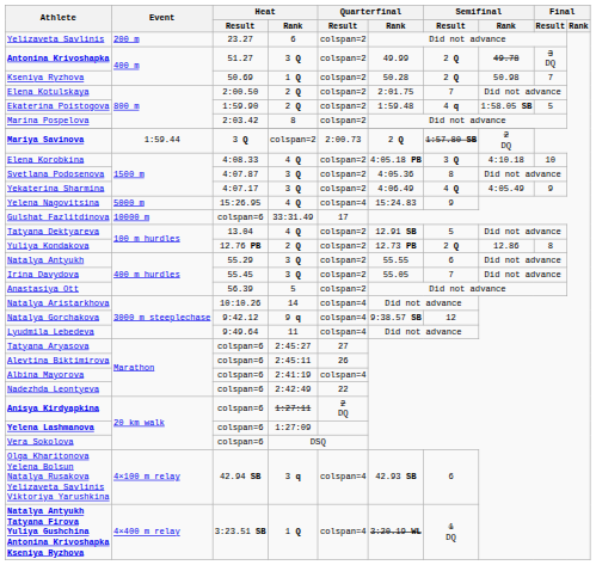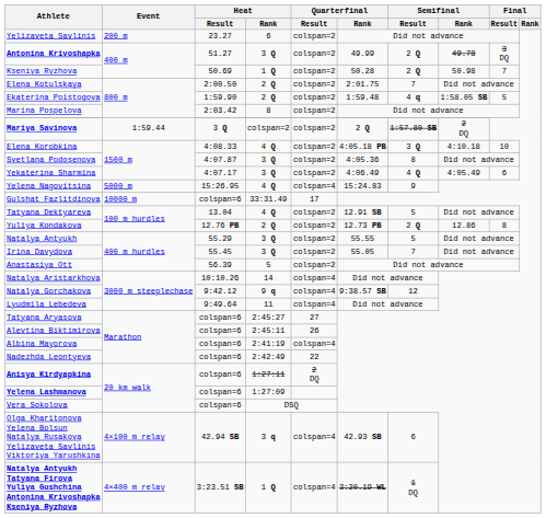 <table class="wikitable" style="font-size:90%">
 <tr>
 <th rowspan="2">Athlete</th>
 <th rowspan="2">Event</th>
 <th colspan="2">Heat</th>
 <th colspan="2">Quarterfinal</th>
 <th colspan="2">Semifinal</th>
 <th colspan="2">Final</th>
 </tr>
 <tr style="font-size:95%">
 <th>Result</th>
 <th>Rank</th>
 <th>Result</th>
 <th>Rank</th>
 <th>Result</th>
 <th>Rank</th>
 <th>Result</th>
 <th>Rank</th>
 </tr>
 <tr align=center>
 <td align=left><a href='#'>Yelizaveta Savlinis</a></td>
 <td align=left><a href='#'>200 m</a></td>
 <td>23.27</td>
 <td>6</td>
 <td>colspan=2 </td>
 <td colspan=4>Did not advance</td>
 </tr>
 <tr align=center>
 <td align=left><strong><a href='#'>Antonina Krivoshapka</a></strong></td>
 <td align=left rowspan=2><a href='#'>400 m</a></td>
 <td>51.27</td>
 <td>3 <strong>Q</strong></td>
 <td>colspan=2 </td>
 <td>49.99</td>
 <td>2 <strong>Q</strong></td>
 <td><s>49.78</s></td>
 <td><s>3</s><br>DQ</td>
 </tr>
 <tr align=center>
 <td align=left><a href='#'>Kseniya Ryzhova</a></td>
 <td>50.69</td>
 <td>1 <strong>Q</strong></td>
 <td>colspan=2 </td>
 <td>50.28</td>
 <td>2 <strong>Q</strong></td>
 <td>50.98</td>
 <td>7</td>
 </tr>
 <tr align=center>
 <td align=left><a href='#'>Elena Kotulskaya</a></td>
 <td align=left rowspan=4><a href='#'>800 m</a></td>
 <td>2:00.50</td>
 <td>2 <strong>Q</strong></td>
 <td>colspan=2 </td>
 <td>2:01.75</td>
 <td>7</td>
 <td colspan=2>Did not advance</td>
 </tr>
 <tr align=center>
 <td align=left><a href='#'>Ekaterina Poistogova</a></td>
 <td>1:59.90</td>
 <td>2 <strong>Q</strong></td>
 <td>colspan=2 </td>
 <td>1:59.48</td>
 <td>4 <strong>q</strong></td>
 <td>1:58.05 <strong>SB</strong></td>
 <td>5</td>
 </tr>
 <tr align=center>
 <td align=left><a href='#'>Marina Pospelova</a></td>
 <td>2:03.42</td>
 <td>8</td>
 <td>colspan=2 </td>
 <td colspan=4>Did not advance</td>
 </tr>
 <tr align=center>
 </tr>
 <tr align=center>
 <td align=left><strong><a href='#'>Mariya Savinova</a></strong></td>
 <td>1:59.44</td>
 <td>3 <strong>Q</strong></td>
 <td>colspan=2 </td>
-<td>2:00.73</td>
+<td>colspan=2 </td>
 <td>2 <strong>Q</strong></td>
 <td><s>1:57.80 <strong>SB</strong></s></td>
 <td><s>2</s><br>DQ</td>
 </tr>
 <tr align=center>
 <td align=left><a href='#'>Elena Korobkina</a></td>
 <td align=left rowspan=3><a href='#'>1500 m</a></td>
 <td>4:08.33</td>
 <td>4 <strong>Q</strong></td>
 <td>colspan=2 </td>
 <td>4:05.18 <strong>PB</strong></td>
 <td>3 <strong>Q</strong></td>
 <td>4:10.18</td>
 <td>10</td>
 </tr>
 <tr align=center>
 <td align=left><a href='#'>Svetlana Podosenova</a></td>
 <td>4:07.87</td>
 <td>3 <strong>Q</strong></td>
 <td>colspan=2 </td>
 <td>4:05.36</td>
 <td>8</td>
 <td colspan=2>Did not advance</td>
 </tr>
 <tr align=center>
 <td align=left><a href='#'>Yekaterina Sharmina</a></td>
 <td>4:07.17</td>
 <td>3 <strong>Q</strong></td>
 <td>colspan=2 </td>
 <td>4:06.49</td>
 <td>4 <strong>Q</strong></td>
 <td>4:05.49</td>
-<td>9</td>
+<td>6</td>
 </tr>
 <tr align=center>
 <td align=left><a href='#'>Yelena Nagovitsina</a></td>
 <td align=left><a href='#'>5000 m</a></td>
 <td>15:26.95</td>
 <td>4 <strong>Q</strong></td>
 <td>colspan=4 </td>
 <td>15:24.83</td>
 <td>9</td>
 </tr>
 <tr align=center>
 <td align=left><a href='#'>Gulshat Fazlitdinova</a></td>
 <td align=left><a href='#'>10000 m</a></td>
 <td>colspan=6 </td>
 <td>33:31.49</td>
 <td>17</td>
 </tr>
 <tr align=center>
 <td align=left><a href='#'>Tatyana Dektyareva</a></td>
 <td align=left rowspan=2><a href='#'>100 m hurdles</a></td>
 <td>13.04</td>
 <td>4 <strong>Q</strong></td>
 <td>colspan=2 </td>
 <td>12.91 <strong>SB</strong></td>
 <td>5</td>
 <td colspan=2>Did not advance</td>
 </tr>
 <tr align=center>
 <td align=left><a href='#'>Yuliya Kondakova</a></td>
 <td>12.76 <strong>PB</strong></td>
 <td>2 <strong>Q</strong></td>
 <td>colspan=2 </td>
 <td>12.73 <strong>PB</strong></td>
 <td>2 <strong>Q</strong></td>
 <td>12.86</td>
 <td>8</td>
 </tr>
 <tr align=center>
 <td align=left><a href='#'>Natalya Antyukh</a></td>
 <td align=left rowspan=3><a href='#'>400 m hurdles</a></td>
 <td>55.29</td>
 <td>3 <strong>Q</strong></td>
 <td>colspan=2 </td>
 <td>55.55</td>
-<td>6</td>
+<td>5</td>
 <td colspan=2>Did not advance</td>
 </tr>
 <tr align=center>
 <td align=left><a href='#'>Irina Davydova</a></td>
 <td>55.45</td>
 <td>3 <strong>Q</strong></td>
 <td>colspan=2 </td>
 <td>55.05</td>
 <td>7</td>
 <td colspan=2>Did not advance</td>
 </tr>
 <tr align=center>
 <td align=left><a href='#'>Anastasiya Ott</a></td>
 <td>56.39</td>
 <td>5</td>
 <td>colspan=2 </td>
 <td colspan=4>Did not advance</td>
 </tr>
 <tr align=center>
 <td align=left><a href='#'>Natalya Aristarkhova</a></td>
 <td align=left rowspan=3><a href='#'>3000 m steeplechase</a></td>
 <td>10:10.26</td>
 <td>14</td>
 <td>colspan=4 </td>
 <td colspan=2>Did not advance</td>
 </tr>
 <tr align=center>
 <td align=left><a href='#'>Natalya Gorchakova</a></td>
 <td>9:42.12</td>
 <td>9 <strong>q</strong></td>
 <td>colspan=4 </td>
 <td>9:38.57 <strong>SB</strong></td>
 <td>12</td>
 </tr>
 <tr align=center>
 <td align=left><a href='#'>Lyudmila Lebedeva</a></td>
 <td>9:49.64</td>
 <td>11</td>
 <td>colspan=4 </td>
 <td colspan=2>Did not advance</td>
 </tr>
 <tr align=center>
 <td align=left><a href='#'>Tatyana Aryasova</a></td>
 <td align=left rowspan=4><a href='#'>Marathon</a></td>
 <td>colspan=6 </td>
 <td>2:45:27</td>
 <td>27</td>
 </tr>
 <tr align=center>
 <td align=left><a href='#'>Alevtina Biktimirova</a></td>
 <td>colspan=6 </td>
 <td>2:45:11</td>
 <td>26</td>
 </tr>
 <tr align=center>
 <td align=left><a href='#'>Albina Mayorova</a></td>
 <td>colspan=6 </td>
 <td>2:41:19</td>
 <td>colspan=4 </td>
 </tr>
 <tr align=center>
 <td align=left><a href='#'>Nadezhda Leontyeva</a></td>
 <td>colspan=6 </td>
 <td>2:42:49</td>
 <td>22</td>
 </tr>
 <tr align=center>
 <td align=left><strong><a href='#'>Anisya Kirdyapkina</a></strong></td>
 <td align=left rowspan=3><a href='#'>20 km walk</a></td>
 <td>colspan=6 </td>
 <td><s>1:27:11</s></td>
 <td><s>2</s><br>DQ</td>
 </tr>
 <tr align=center>
 <td align=left><strong><a href='#'>Yelena Lashmanova</a></strong></td>
 <td>colspan=6 </td>
 <td>1:27:09</td>
 <td></td>
 </tr>
 <tr align=center>
 <td align=left><a href='#'>Vera Sokolova</a></td>
 <td>colspan=6 </td>
 <td colspan=2>DSQ</td>
 </tr>
 <tr align=center>
 <td align=left><a href='#'>Olga Kharitonova</a><br><a href='#'>Yelena Bolsun</a><br><a href='#'>Natalya Rusakova</a><br><a href='#'>Yelizaveta Savlinis</a><br><a href='#'>Viktoriya Yarushkina</a></td>
 <td align=left><a href='#'>4×100 m relay</a></td>
 <td>42.94 <strong>SB</strong></td>
 <td>3 <strong>q</strong></td>
 <td>colspan=4 </td>
 <td>42.93 <strong>SB</strong></td>
 <td>6</td>
 </tr>
 <tr align=center>
 <td align=left><strong><a href='#'>Natalya Antyukh</a><br><a href='#'>Tatyana Firova</a><br><a href='#'>Yuliya Gushchina</a><br><a href='#'>Antonina Krivoshapka</a><br><a href='#'>Kseniya Ryzhova</a></strong></td>
 <td align=left><a href='#'>4×400 m relay</a></td>
 <td>3:23.51 <strong>SB</strong></td>
 <td>1 <strong>Q</strong></td>
 <td>colspan=4 </td>
 <td><s>3:20.19 <strong>WL</strong></s></td>
 <td><s>1</s><br>DQ</td>
 </tr>
 </table>
